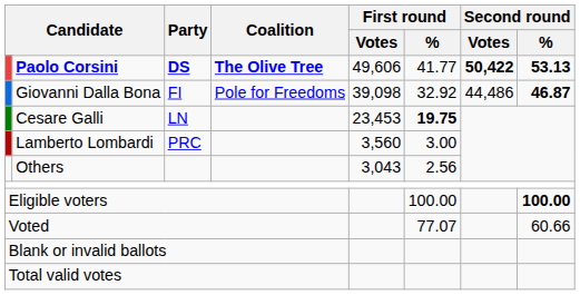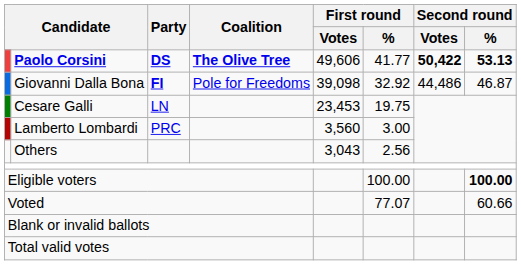 <table class="wikitable centre">
 <tr>
 <th scope="col" rowspan=2 colspan=2>Candidate</th>
 <th scope="col" rowspan=2 colspan=1>Party</th>
 <th scope="col" rowspan=2 colspan=1>Coalition</th>
 <th scope="col" colspan=2>First round</th>
 <th scope="col" colspan=2>Second round</th>
 </tr>
 <tr>
 <th scope="col">Votes</th>
 <th scope="col">%</th>
 <th scope="col">Votes</th>
 <th scope="col">%</th>
 </tr>
 <tr>
 <td bgcolor="#EF3E3E"></td>
 <td><strong><a href='#'>Paolo Corsini</a></strong></td>
 <td><strong><a href='#'>DS</a></strong></td>
 <td><strong><a href='#'>The Olive Tree</a></strong></td>
 <td style="text-align: right">49,606</td>
 <td style="text-align: right">41.77</td>
 <td style="text-align: right"><strong>50,422</strong></td>
 <td style="text-align: right"><strong>53.13</strong></td>
 </tr>
 <tr>
 <td bgcolor="#0A6BE1"></td>
 <td>Giovanni Dalla Bona</td>
-<td><a href='#'>FI</a></td>
+<td><strong><a href='#'>FI</a></strong></td>
 <td><a href='#'>Pole for Freedoms</a></td>
 <td style="text-align: right">39,098</td>
 <td style="text-align: right">32.92</td>
 <td style="text-align: right">44,486</td>
-<td style="text-align: right"><strong>46.87</strong></td>
+<td style="text-align: right">46.87</td>
 </tr>
 <tr>
 <td bgcolor="#008000"></td>
 <td>Cesare Galli</td>
 <td><a href='#'>LN</a></td>
 <td></td>
 <td style="text-align: right">23,453</td>
-<td style="text-align: right"><strong>19.75</strong></td>
+<td style="text-align: right">19.75</td>
 </tr>
 <tr>
 <td bgcolor="#B40404"></td>
 <td>Lamberto Lombardi</td>
 <td><a href='#'>PRC</a></td>
 <td></td>
 <td style="text-align: right">3,560</td>
 <td style="text-align: right">3.00</td>
 </tr>
 <tr>
 <td bgcolor=""></td>
 <td>Others</td>
 <td></td>
 <td></td>
 <td style="text-align: right">3,043</td>
 <td style="text-align: right">2.56</td>
 </tr>
 <tr bgcolor=white>
 <td colspan=8></td>
 </tr>
 <tr>
 <td colspan=4>Eligible voters</td>
 <td style="text-align: right"></td>
 <td style="text-align: right">100.00</td>
 <td style="text-align: right"></td>
 <td style="text-align: right"><strong>100.00</strong></td>
 </tr>
 <tr>
 <td colspan=4>Voted</td>
 <td style="text-align: right"></td>
 <td style="text-align: right">77.07</td>
 <td style="text-align: right"></td>
 <td style="text-align: right">60.66</td>
 </tr>
 <tr>
 <td colspan=4>Blank or invalid ballots</td>
 <td style="text-align: right"></td>
 <td style="text-align: right"></td>
 <td style="text-align: right"></td>
 <td style="text-align: right"></td>
 </tr>
 <tr>
 <td colspan=4>Total valid votes</td>
 <td style="text-align: right"></td>
 <td style="text-align: right"></td>
 <td style="text-align: right"></td>
 <td style="text-align: right"></td>
 </tr>
 </table>
